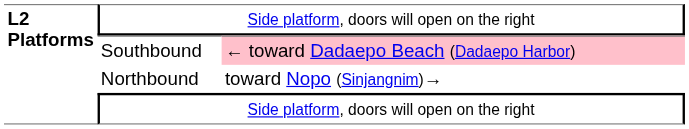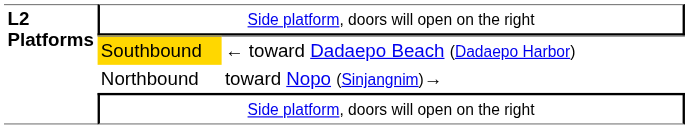 <table table border=0 cellspacing=0 cellpadding=3>
 <tr>
 <td style="border-top:solid 1px gray;border-bottom:solid 1px gray;" width=50 rowspan=10 valign=top><strong>L2<br>Platforms</strong></td>
 <td style="border-top:solid 1px gray;border-right:solid 2px black;border-left:solid 2px black;border-bottom:solid 2px black;text-align:center;" colspan=2><small><a href='#'>Side platform</a>, doors will open on the right</small></td>
 </tr>
 <tr>
-<td style="border-bottom:solid 0px gray;border-top:solid 1px gray;" width=100>Southbound</td>
-<td style="background: pink; border-bottom:solid 0px gray;border-top:solid 1px gray;" width=390>←  toward <a href='#'>Dadaepo Beach</a> <small>(<a href='#'>Dadaepo Harbor</a>)</small></td>
+<td style="background: gold; border-bottom:solid 0px gray;border-top:solid 1px gray;" width=100>Southbound</td>
+<td style="border-bottom:solid 0px gray;border-top:solid 1px gray;" width=390>←  toward <a href='#'>Dadaepo Beach</a> <small>(<a href='#'>Dadaepo Harbor</a>)</small></td>
 </tr>
 <tr>
 <td>Northbound</td>
 <td>  toward <a href='#'>Nopo</a> <small>(<a href='#'>Sinjangnim</a>)</small>→</td>
 </tr>
 <tr>
 <td style="border-top:solid 2px black;border-right:solid 2px black;border-left:solid 2px black;border-bottom:solid 1px gray;text-align:center;" colspan=2><small><a href='#'>Side platform</a>, doors will open on the right</small></td>
 </tr>
 </table>
